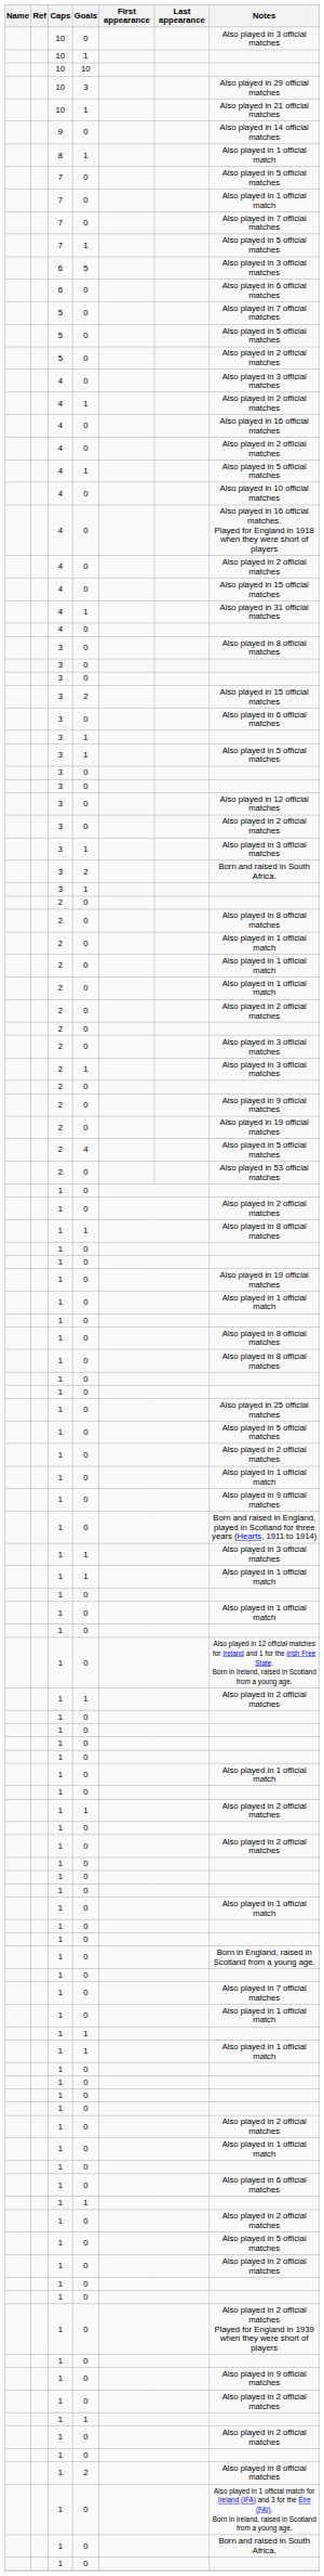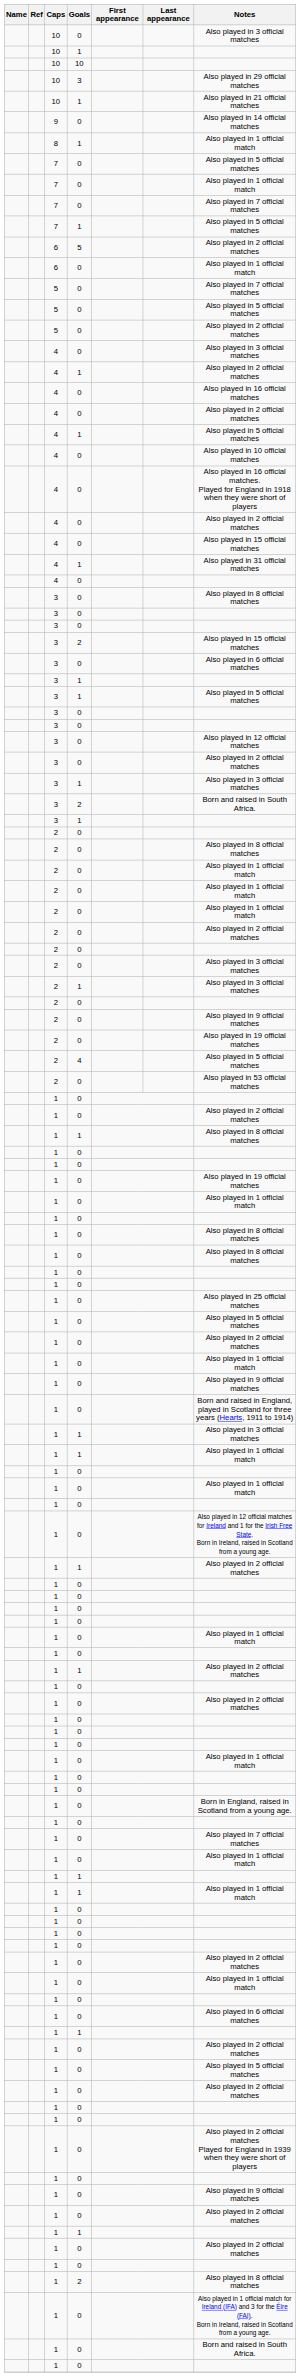 <table class="wikitable sortable" style="text-align:center;">
 <tr>
 <th>Name</th>
 <th>Ref</th>
 <th>Caps</th>
 <th>Goals</th>
 <th>First appearance</th>
 <th>Last appearance</th>
 <th>Notes</th>
 </tr>
 <tr>
 <td align=left></td>
 <td></td>
 <td>10</td>
 <td>0</td>
 <td></td>
 <td></td>
 <td>Also played in 3 official matches</td>
 </tr>
 <tr>
 <td align=left></td>
 <td></td>
 <td>10</td>
 <td>1</td>
 <td></td>
 <td></td>
 <td></td>
 </tr>
 <tr>
 <td align=left></td>
 <td></td>
 <td>10</td>
 <td>10</td>
 <td></td>
 <td></td>
 <td></td>
 </tr>
 <tr>
 <td align=left></td>
 <td></td>
 <td>10</td>
 <td>3</td>
 <td></td>
 <td></td>
 <td>Also played in 29 official matches</td>
 </tr>
 <tr>
 <td align=left></td>
 <td></td>
 <td>10</td>
 <td>1</td>
 <td></td>
 <td></td>
 <td>Also played in 21 official matches</td>
 </tr>
 <tr>
 <td align=left></td>
 <td></td>
 <td>9</td>
 <td>0</td>
 <td></td>
 <td></td>
 <td>Also played in 14 official matches</td>
 </tr>
 <tr>
 <td align=left></td>
 <td></td>
 <td>8</td>
 <td>1</td>
 <td></td>
 <td></td>
 <td>Also played in 1 official match</td>
 </tr>
 <tr>
 <td align=left></td>
 <td></td>
 <td>7</td>
 <td>0</td>
 <td></td>
 <td></td>
 <td>Also played in 5 official matches</td>
 </tr>
 <tr>
 <td align=left></td>
 <td></td>
 <td>7</td>
 <td>0</td>
 <td></td>
 <td></td>
 <td>Also played in 1 official match</td>
 </tr>
 <tr>
 <td align=left></td>
 <td></td>
 <td>7</td>
 <td>0</td>
 <td></td>
 <td></td>
 <td>Also played in 7 official matches</td>
 </tr>
 <tr>
 <td align=left></td>
 <td></td>
 <td>7</td>
 <td>1</td>
 <td></td>
 <td></td>
 <td>Also played in 5 official matches</td>
 </tr>
 <tr>
 <td align=left></td>
 <td></td>
 <td>6</td>
 <td>5</td>
 <td></td>
 <td></td>
-<td>Also played in 3 official matches</td>
+<td>Also played in 2 official matches</td>
 </tr>
 <tr>
 <td align=left></td>
 <td></td>
 <td>6</td>
 <td>0</td>
 <td></td>
 <td></td>
-<td>Also played in 6 official matches</td>
+<td>Also played in 1 official match</td>
 </tr>
 <tr>
 <td align=left></td>
 <td></td>
 <td>5</td>
 <td>0</td>
 <td></td>
 <td></td>
 <td>Also played in 7 official matches</td>
 </tr>
 <tr>
 <td align=left></td>
 <td></td>
 <td>5</td>
 <td>0</td>
 <td></td>
 <td></td>
 <td>Also played in 5 official matches</td>
 </tr>
 <tr>
 <td align=left></td>
 <td></td>
 <td>5</td>
 <td>0</td>
 <td></td>
 <td></td>
 <td>Also played in 2 official matches</td>
 </tr>
 <tr>
 <td align=left></td>
 <td></td>
 <td>4</td>
 <td>0</td>
 <td></td>
 <td></td>
 <td>Also played in 3 official matches</td>
 </tr>
 <tr>
 <td align=left></td>
 <td></td>
 <td>4</td>
 <td>1</td>
 <td></td>
 <td></td>
 <td>Also played in 2 official matches</td>
 </tr>
 <tr>
 <td align=left></td>
 <td></td>
 <td>4</td>
 <td>0</td>
 <td></td>
 <td></td>
 <td>Also played in 16 official matches</td>
 </tr>
 <tr>
 <td align=left></td>
 <td></td>
 <td>4</td>
 <td>0</td>
 <td></td>
 <td></td>
 <td>Also played in 2 official matches</td>
 </tr>
 <tr>
 <td align=left></td>
 <td></td>
 <td>4</td>
 <td>1</td>
 <td></td>
 <td></td>
 <td>Also played in 5 official matches</td>
 </tr>
 <tr>
 <td align=left></td>
 <td></td>
 <td>4</td>
 <td>0</td>
 <td></td>
 <td></td>
 <td>Also played in 10 official matches</td>
 </tr>
 <tr>
 <td align=left></td>
 <td></td>
 <td>4</td>
 <td>0</td>
 <td></td>
 <td></td>
 <td>Also played in 16 official matches.<br>Played for England in 1918 when they were short of players</td>
 </tr>
 <tr>
 <td align=left></td>
 <td></td>
 <td>4</td>
 <td>0</td>
 <td></td>
 <td></td>
 <td>Also played in 2 official matches</td>
 </tr>
 <tr>
 <td align=left></td>
 <td></td>
 <td>4</td>
 <td>0</td>
 <td></td>
 <td></td>
 <td>Also played in 15 official matches</td>
 </tr>
 <tr>
 <td align=left></td>
 <td></td>
 <td>4</td>
 <td>1</td>
 <td></td>
 <td></td>
 <td>Also played in 31 official matches</td>
 </tr>
 <tr>
 <td align=left></td>
 <td></td>
 <td>4</td>
 <td>0</td>
 <td></td>
 <td></td>
 <td></td>
 </tr>
 <tr>
 <td align=left></td>
 <td></td>
 <td>3</td>
 <td>0</td>
 <td></td>
 <td></td>
 <td>Also played in 8 official matches</td>
 </tr>
 <tr>
 <td align=left></td>
 <td></td>
 <td>3</td>
 <td>0</td>
 <td></td>
 <td></td>
 <td></td>
 </tr>
 <tr>
 <td align=left></td>
 <td></td>
 <td>3</td>
 <td>0</td>
 <td></td>
 <td></td>
 <td></td>
 </tr>
 <tr>
 <td align=left></td>
 <td></td>
 <td>3</td>
 <td>2</td>
 <td></td>
 <td></td>
 <td>Also played in 15 official matches</td>
 </tr>
 <tr>
 <td align=left></td>
 <td></td>
 <td>3</td>
 <td>0</td>
 <td></td>
 <td></td>
 <td>Also played in 6 official matches</td>
 </tr>
 <tr>
 <td align=left></td>
 <td></td>
 <td>3</td>
 <td>1</td>
 <td></td>
 <td></td>
 <td></td>
 </tr>
 <tr>
 <td align=left></td>
 <td></td>
 <td>3</td>
 <td>1</td>
 <td></td>
 <td></td>
 <td>Also played in 5 official matches</td>
 </tr>
 <tr>
 <td align=left></td>
 <td></td>
 <td>3</td>
 <td>0</td>
 <td></td>
 <td></td>
 <td></td>
 </tr>
 <tr>
 <td align=left></td>
 <td></td>
 <td>3</td>
 <td>0</td>
 <td></td>
 <td></td>
 <td></td>
 </tr>
 <tr>
 <td align=left></td>
 <td></td>
 <td>3</td>
 <td>0</td>
 <td></td>
 <td></td>
 <td>Also played in 12 official matches</td>
 </tr>
 <tr>
 <td align=left></td>
 <td></td>
 <td>3</td>
 <td>0</td>
 <td></td>
 <td></td>
 <td>Also played in 2 official matches</td>
 </tr>
 <tr>
 <td align=left></td>
 <td></td>
 <td>3</td>
 <td>1</td>
 <td></td>
 <td></td>
 <td>Also played in 3 official matches</td>
 </tr>
 <tr>
 <td align=left></td>
 <td></td>
 <td>3</td>
 <td>2</td>
 <td></td>
 <td></td>
 <td>Born and raised in South Africa.</td>
 </tr>
 <tr>
 <td align=left></td>
 <td></td>
 <td>3</td>
 <td>1</td>
 <td></td>
 <td></td>
 <td></td>
 </tr>
 <tr>
 <td align=left></td>
 <td></td>
 <td>2</td>
 <td>0</td>
 <td></td>
 <td></td>
 <td></td>
 </tr>
 <tr>
 <td align=left></td>
 <td></td>
 <td>2</td>
 <td>0</td>
 <td></td>
 <td></td>
 <td>Also played in 8 official matches</td>
 </tr>
 <tr>
 <td align=left></td>
 <td></td>
 <td>2</td>
 <td>0</td>
 <td></td>
 <td></td>
 <td>Also played in 1 official match</td>
 </tr>
 <tr>
 <td align=left></td>
 <td></td>
 <td>2</td>
 <td>0</td>
 <td></td>
 <td></td>
 <td>Also played in 1 official match</td>
 </tr>
 <tr>
 <td align=left></td>
 <td></td>
 <td>2</td>
 <td>0</td>
 <td></td>
 <td></td>
 <td>Also played in 1 official match</td>
 </tr>
 <tr>
 <td align=left></td>
 <td></td>
 <td>2</td>
 <td>0</td>
 <td></td>
 <td></td>
 <td>Also played in 2 official matches</td>
 </tr>
 <tr>
 <td align=left></td>
 <td></td>
 <td>2</td>
 <td>0</td>
 <td></td>
 <td></td>
 <td></td>
 </tr>
 <tr>
 <td align=left></td>
 <td></td>
 <td>2</td>
 <td>0</td>
 <td></td>
 <td></td>
 <td>Also played in 3 official matches</td>
 </tr>
 <tr>
 <td align=left></td>
 <td></td>
 <td>2</td>
 <td>1</td>
 <td></td>
 <td></td>
 <td>Also played in 3 official matches</td>
 </tr>
 <tr>
 <td align=left></td>
 <td></td>
 <td>2</td>
 <td>0</td>
 <td></td>
 <td></td>
 <td></td>
 </tr>
 <tr>
 <td align=left></td>
 <td></td>
 <td>2</td>
 <td>0</td>
 <td></td>
 <td></td>
 <td>Also played in 9 official matches</td>
 </tr>
 <tr>
 <td align=left></td>
 <td></td>
 <td>2</td>
 <td>0</td>
 <td></td>
 <td></td>
 <td>Also played in 19 official matches</td>
 </tr>
 <tr>
 <td align=left></td>
 <td></td>
 <td>2</td>
 <td>4</td>
 <td></td>
 <td></td>
 <td>Also played in 5 official matches</td>
 </tr>
 <tr>
 <td align=left></td>
 <td></td>
 <td>2</td>
 <td>0</td>
 <td></td>
 <td></td>
 <td>Also played in 53 official matches</td>
 </tr>
 <tr>
 <td align=left></td>
 <td></td>
 <td>1</td>
 <td>0</td>
 <td colspan=2></td>
 <td></td>
 </tr>
 <tr>
 <td align=left></td>
 <td></td>
 <td>1</td>
 <td>0</td>
 <td colspan=2></td>
 <td>Also played in 2 official matches</td>
 </tr>
 <tr>
 <td align=left></td>
 <td></td>
 <td>1</td>
 <td>1</td>
 <td colspan=2></td>
 <td>Also played in 8 official matches</td>
 </tr>
 <tr>
 <td align=left></td>
 <td></td>
 <td>1</td>
 <td>0</td>
 <td colspan=2></td>
 <td></td>
 </tr>
 <tr>
 <td align=left></td>
 <td></td>
 <td>1</td>
 <td>0</td>
 <td colspan=2></td>
 <td></td>
 </tr>
 <tr>
 <td align=left></td>
 <td></td>
 <td>1</td>
 <td>0</td>
 <td colspan=2></td>
 <td>Also played in 19 official matches</td>
 </tr>
 <tr>
 <td align=left></td>
 <td></td>
 <td>1</td>
 <td>0</td>
 <td colspan=2></td>
 <td>Also played in 1 official match</td>
 </tr>
 <tr>
 <td align=left></td>
 <td></td>
 <td>1</td>
 <td>0</td>
 <td colspan=2></td>
 <td></td>
 </tr>
 <tr>
 <td align=left></td>
 <td></td>
 <td>1</td>
 <td>0</td>
 <td colspan=2></td>
 <td>Also played in 8 official matches</td>
 </tr>
 <tr>
 <td align=left></td>
 <td></td>
 <td>1</td>
 <td>0</td>
 <td colspan=2></td>
 <td>Also played in 8 official matches</td>
 </tr>
 <tr>
 <td align=left></td>
 <td></td>
 <td>1</td>
 <td>0</td>
 <td colspan=2></td>
 <td></td>
 </tr>
 <tr>
 <td align=left></td>
 <td></td>
 <td>1</td>
 <td>0</td>
 <td colspan=2></td>
 <td></td>
 </tr>
 <tr>
 <td align=left></td>
 <td></td>
 <td>1</td>
 <td>0</td>
 <td colspan=2></td>
 <td>Also played in 25 official matches</td>
 </tr>
 <tr>
 <td align=left></td>
 <td></td>
 <td>1</td>
 <td>0</td>
 <td colspan=2></td>
 <td>Also played in 5 official matches</td>
 </tr>
 <tr>
 <td align=left></td>
 <td></td>
 <td>1</td>
 <td>0</td>
 <td colspan=2></td>
 <td>Also played in 2 official matches</td>
 </tr>
 <tr>
 <td align=left></td>
 <td></td>
 <td>1</td>
 <td>0</td>
 <td colspan=2></td>
 <td>Also played in 1 official match</td>
 </tr>
 <tr>
 <td align=left></td>
 <td></td>
 <td>1</td>
 <td>0</td>
 <td colspan=2></td>
 <td>Also played in 9 official matches</td>
 </tr>
 <tr>
 <td align=left></td>
 <td></td>
 <td>1</td>
 <td>0</td>
 <td colspan=2></td>
 <td>Born and raised in England, played in Scotland for three years (<a href='#'>Hearts</a>, 1911 to 1914)</td>
 </tr>
 <tr>
 <td align=left></td>
 <td></td>
 <td>1</td>
 <td>1</td>
 <td colspan=2></td>
 <td>Also played in 3 official matches</td>
 </tr>
 <tr>
 <td align=left></td>
 <td></td>
 <td>1</td>
 <td>1</td>
 <td colspan=2></td>
 <td>Also played in 1 official match</td>
 </tr>
 <tr>
 <td align=left></td>
 <td></td>
 <td>1</td>
 <td>0</td>
 <td colspan=2></td>
 <td></td>
 </tr>
 <tr>
 <td align=left></td>
 <td></td>
 <td>1</td>
 <td>0</td>
 <td colspan=2></td>
 <td>Also played in 1 official match</td>
 </tr>
 <tr>
 <td align=left></td>
 <td></td>
 <td>1</td>
 <td>0</td>
 <td colspan=2></td>
 <td></td>
 </tr>
 <tr>
 <td align=left></td>
 <td></td>
 <td>1</td>
 <td>0</td>
 <td colspan=2></td>
 <td><small>Also played in 12 official matches for <a href='#'>Ireland</a> and 1 for the <a href='#'>Irish Free State</a>.<br>Born in Ireland, raised in Scotland from a young age.</small></td>
 </tr>
 <tr>
 <td align=left></td>
 <td></td>
 <td>1</td>
 <td>1</td>
 <td colspan=2></td>
 <td>Also played in 2 official matches</td>
 </tr>
 <tr>
 <td align=left></td>
 <td></td>
 <td>1</td>
 <td>0</td>
 <td colspan=2></td>
 <td></td>
 </tr>
 <tr>
 <td align=left></td>
 <td></td>
 <td>1</td>
 <td>0</td>
 <td colspan=2></td>
 <td></td>
 </tr>
 <tr>
 <td align=left></td>
 <td></td>
 <td>1</td>
 <td>0</td>
 <td colspan=2></td>
 <td></td>
 </tr>
 <tr>
 <td align=left></td>
 <td></td>
 <td>1</td>
 <td>0</td>
 <td colspan=2></td>
 <td></td>
 </tr>
 <tr>
 <td align=left></td>
 <td></td>
 <td>1</td>
 <td>0</td>
 <td colspan=2></td>
 <td>Also played in 1 official match</td>
 </tr>
 <tr>
 <td align=left></td>
 <td></td>
 <td>1</td>
 <td>0</td>
 <td colspan=2></td>
 <td></td>
 </tr>
 <tr>
 <td align=left></td>
 <td></td>
 <td>1</td>
 <td>1</td>
 <td colspan=2></td>
 <td>Also played in 2 official matches</td>
 </tr>
 <tr>
 <td align=left></td>
 <td></td>
 <td>1</td>
 <td>0</td>
 <td colspan=2></td>
 <td></td>
 </tr>
 <tr>
 <td align=left></td>
 <td></td>
 <td>1</td>
 <td>0</td>
 <td colspan=2></td>
 <td>Also played in 2 official matches</td>
 </tr>
 <tr>
 <td align=left></td>
 <td></td>
 <td>1</td>
 <td>0</td>
 <td colspan=2></td>
 <td></td>
 </tr>
 <tr>
 <td align=left></td>
 <td></td>
 <td>1</td>
 <td>0</td>
 <td colspan=2></td>
 <td></td>
 </tr>
 <tr>
 <td align=left></td>
 <td></td>
 <td>1</td>
 <td>0</td>
 <td colspan=2></td>
 <td></td>
 </tr>
 <tr>
 <td align=left></td>
 <td></td>
 <td>1</td>
 <td>0</td>
 <td colspan=2></td>
 <td>Also played in 1 official match</td>
 </tr>
 <tr>
 <td align=left></td>
 <td></td>
 <td>1</td>
 <td>0</td>
 <td colspan=2></td>
 <td></td>
 </tr>
 <tr>
 <td align=left></td>
 <td></td>
 <td>1</td>
 <td>0</td>
 <td colspan=2></td>
 <td></td>
 </tr>
 <tr>
 <td align=left></td>
 <td></td>
 <td>1</td>
 <td>0</td>
 <td colspan=2></td>
 <td>Born in England, raised in Scotland from a young age.</td>
 </tr>
 <tr>
 <td align=left></td>
 <td></td>
 <td>1</td>
 <td>0</td>
 <td colspan=2></td>
 <td></td>
 </tr>
 <tr>
 <td align=left></td>
 <td></td>
 <td>1</td>
 <td>0</td>
 <td colspan=2></td>
 <td>Also played in 7 official matches</td>
 </tr>
 <tr>
 <td align=left></td>
 <td></td>
 <td>1</td>
 <td>0</td>
 <td colspan=2></td>
 <td>Also played in 1 official match</td>
 </tr>
 <tr>
 <td align=left></td>
 <td></td>
 <td>1</td>
 <td>1</td>
 <td colspan=2></td>
 <td></td>
 </tr>
 <tr>
 <td align=left></td>
 <td></td>
 <td>1</td>
 <td>1</td>
 <td colspan=2></td>
 <td>Also played in 1 official match</td>
 </tr>
 <tr>
 <td align=left></td>
 <td></td>
 <td>1</td>
 <td>0</td>
 <td colspan=2></td>
 <td></td>
 </tr>
 <tr>
 <td align=left></td>
 <td></td>
 <td>1</td>
 <td>0</td>
 <td colspan=2></td>
 <td></td>
 </tr>
 <tr>
 <td align=left></td>
 <td></td>
 <td>1</td>
 <td>0</td>
 <td colspan=2></td>
 <td></td>
 </tr>
 <tr>
 <td align=left></td>
 <td></td>
 <td>1</td>
 <td>0</td>
 <td colspan=2></td>
 <td></td>
 </tr>
 <tr>
 <td align=left></td>
 <td></td>
 <td>1</td>
 <td>0</td>
 <td colspan=2></td>
 <td>Also played in 2 official matches</td>
 </tr>
 <tr>
 <td align=left></td>
 <td></td>
 <td>1</td>
 <td>0</td>
 <td colspan=2></td>
 <td>Also played in 1 official match</td>
 </tr>
 <tr>
 <td align=left></td>
 <td></td>
 <td>1</td>
 <td>0</td>
 <td colspan=2></td>
 <td></td>
 </tr>
 <tr>
 <td align=left></td>
 <td></td>
 <td>1</td>
 <td>0</td>
 <td colspan=2></td>
 <td>Also played in 6 official matches</td>
 </tr>
 <tr>
 <td align=left></td>
 <td></td>
 <td>1</td>
 <td>1</td>
 <td colspan=2></td>
 <td></td>
 </tr>
 <tr>
 <td align=left></td>
 <td></td>
 <td>1</td>
 <td>0</td>
 <td colspan=2></td>
 <td>Also played in 2 official matches</td>
 </tr>
 <tr>
 <td align=left></td>
 <td></td>
 <td>1</td>
 <td>0</td>
 <td colspan=2></td>
 <td>Also played in 5 official matches</td>
 </tr>
 <tr>
 <td align=left></td>
 <td></td>
 <td>1</td>
 <td>0</td>
 <td colspan=2></td>
 <td>Also played in 2 official matches</td>
 </tr>
 <tr>
 <td align=left></td>
 <td></td>
 <td>1</td>
 <td>0</td>
 <td colspan=2></td>
 <td></td>
 </tr>
 <tr>
 <td align=left></td>
 <td></td>
 <td>1</td>
 <td>0</td>
 <td colspan=2></td>
 <td></td>
 </tr>
 <tr>
 <td align=left></td>
 <td></td>
 <td>1</td>
 <td>0</td>
 <td colspan=2></td>
 <td>Also played in 2 official matches<br>Played for England in 1939 when they were short of players</td>
 </tr>
 <tr>
 <td align=left></td>
 <td></td>
 <td>1</td>
 <td>0</td>
 <td colspan=2></td>
 <td></td>
 </tr>
 <tr>
 <td align=left></td>
 <td></td>
 <td>1</td>
 <td>0</td>
 <td colspan=2></td>
 <td>Also played in 9 official matches</td>
 </tr>
 <tr>
 <td align=left></td>
 <td></td>
 <td>1</td>
 <td>0</td>
 <td colspan=2></td>
 <td>Also played in 2 official matches</td>
 </tr>
 <tr>
 <td align=left></td>
 <td></td>
 <td>1</td>
 <td>1</td>
 <td colspan=2></td>
 <td></td>
 </tr>
 <tr>
 <td align=left></td>
 <td></td>
 <td>1</td>
 <td>0</td>
 <td colspan=2></td>
 <td>Also played in 2 official matches</td>
 </tr>
 <tr>
 <td align=left></td>
 <td></td>
 <td>1</td>
 <td>0</td>
 <td colspan=2></td>
 <td></td>
 </tr>
 <tr>
 <td align=left></td>
 <td></td>
 <td>1</td>
 <td>2</td>
 <td colspan=2></td>
 <td>Also played in 8 official matches</td>
 </tr>
 <tr>
 <td align=left></td>
 <td></td>
 <td>1</td>
 <td>0</td>
 <td colspan=2></td>
 <td><small>Also played in 1 official match for <a href='#'>Ireland (IFA)</a> and 3 for the <a href='#'>Éire (FAI)</a>.<br>Born in Ireland, raised in Scotland from a young age.</small></td>
 </tr>
 <tr>
 <td align=left></td>
 <td></td>
 <td>1</td>
 <td>0</td>
 <td colspan=2></td>
 <td>Born and raised in South Africa.</td>
 </tr>
 <tr>
 <td align=left></td>
 <td></td>
 <td>1</td>
 <td>0</td>
 <td colspan=2></td>
 <td></td>
 </tr>
 <tr>
 </tr>
 </table>
